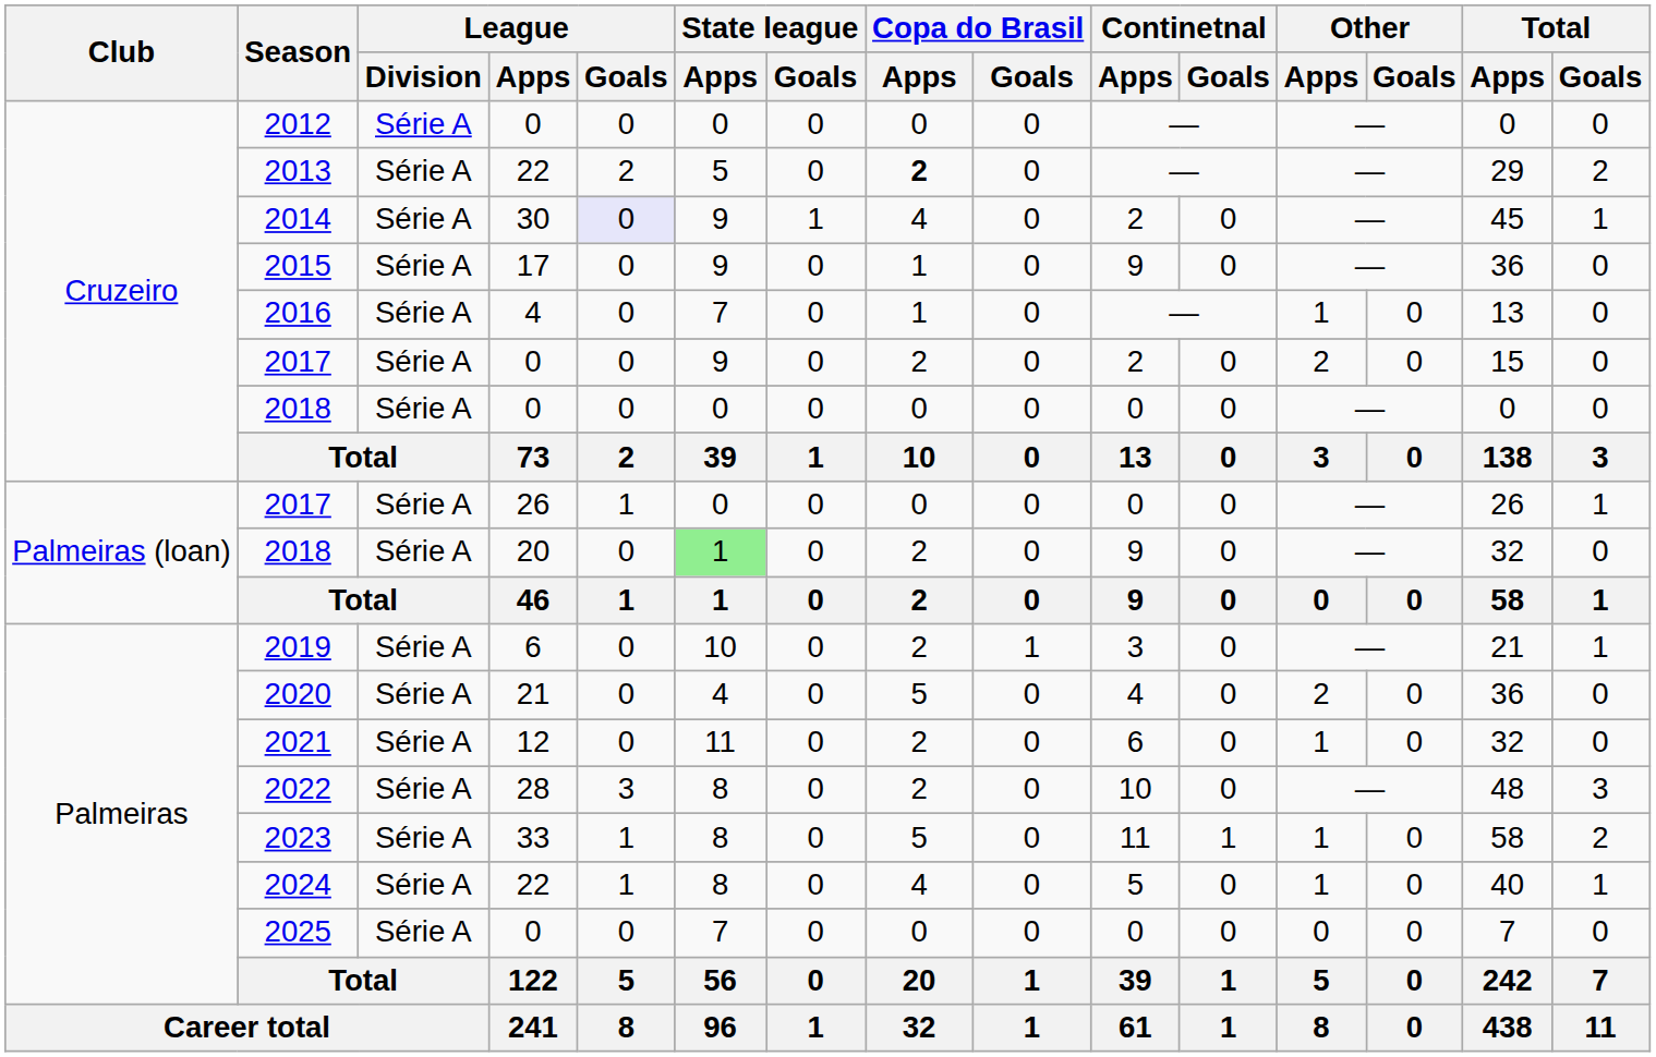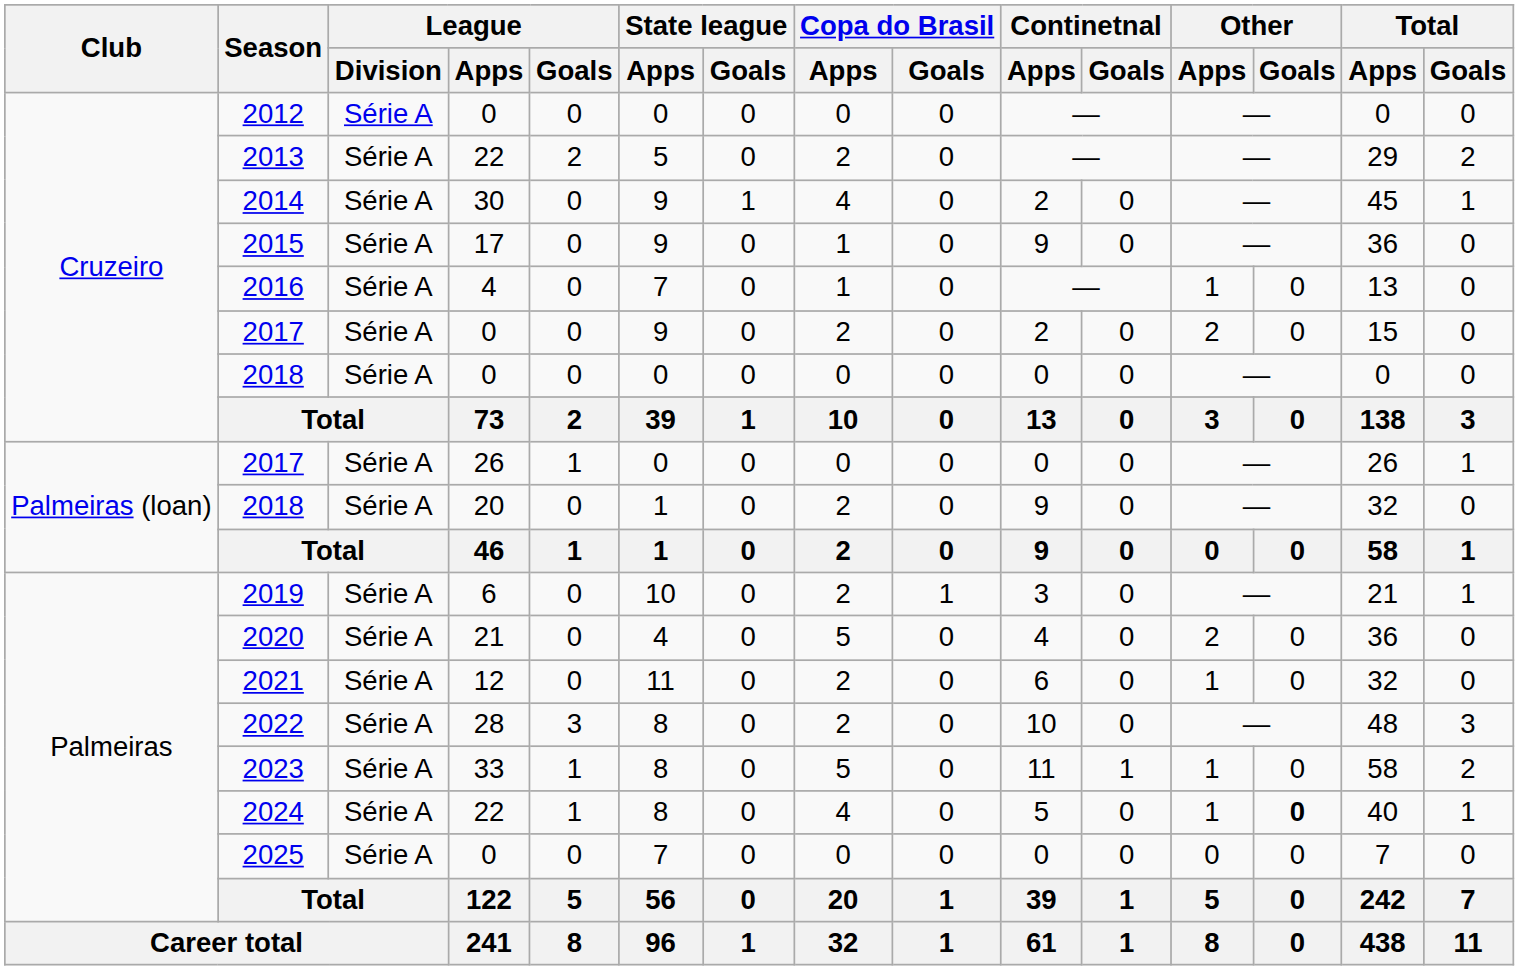 <table class="wikitable" style="text-align:center">
 <tr>
 <th rowspan="2">Club</th>
 <th rowspan="2">Season</th>
 <th colspan="3">League</th>
 <th colspan="2">State league</th>
 <th colspan="2"><a href='#'>Copa do Brasil</a></th>
 <th colspan="2">Continetnal</th>
 <th colspan="2">Other</th>
 <th colspan="2">Total</th>
 </tr>
 <tr>
 <th>Division</th>
 <th>Apps</th>
 <th>Goals</th>
 <th>Apps</th>
 <th>Goals</th>
 <th>Apps</th>
 <th>Goals</th>
 <th>Apps</th>
 <th>Goals</th>
 <th>Apps</th>
 <th>Goals</th>
 <th>Apps</th>
 <th>Goals</th>
 </tr>
 <tr>
 <td rowspan="8"><a href='#'>Cruzeiro</a></td>
 <td><a href='#'>2012</a></td>
 <td><a href='#'>Série A</a></td>
 <td>0</td>
 <td>0</td>
 <td>0</td>
 <td>0</td>
 <td>0</td>
 <td>0</td>
 <td colspan="2">—</td>
 <td colspan="2">—</td>
 <td>0</td>
 <td>0</td>
 </tr>
 <tr>
 <td><a href='#'>2013</a></td>
 <td>Série A</td>
 <td>22</td>
 <td>2</td>
 <td>5</td>
 <td>0</td>
-<td><strong>2</strong></td>
+<td>2</td>
 <td>0</td>
 <td colspan="2">—</td>
 <td colspan="2">—</td>
 <td>29</td>
 <td>2</td>
 </tr>
 <tr>
 <td><a href='#'>2014</a></td>
 <td>Série A</td>
 <td>30</td>
-<td style="background: lavender;">0</td>
+<td>0</td>
 <td>9</td>
 <td>1</td>
 <td>4</td>
 <td>0</td>
 <td>2</td>
 <td>0</td>
 <td colspan="2">—</td>
 <td>45</td>
 <td>1</td>
 </tr>
 <tr>
 <td><a href='#'>2015</a></td>
 <td>Série A</td>
 <td>17</td>
 <td>0</td>
 <td>9</td>
 <td>0</td>
 <td>1</td>
 <td>0</td>
 <td>9</td>
 <td>0</td>
 <td colspan="2">—</td>
 <td>36</td>
 <td>0</td>
 </tr>
 <tr>
 <td><a href='#'>2016</a></td>
 <td>Série A</td>
 <td>4</td>
 <td>0</td>
 <td>7</td>
 <td>0</td>
 <td>1</td>
 <td>0</td>
 <td colspan="2">—</td>
 <td>1</td>
 <td>0</td>
 <td>13</td>
 <td>0</td>
 </tr>
 <tr>
 <td><a href='#'>2017</a></td>
 <td>Série A</td>
 <td>0</td>
 <td>0</td>
 <td>9</td>
 <td>0</td>
 <td>2</td>
 <td>0</td>
 <td>2</td>
 <td>0</td>
 <td>2</td>
 <td>0</td>
 <td>15</td>
 <td>0</td>
 </tr>
 <tr>
 <td><a href='#'>2018</a></td>
 <td>Série A</td>
 <td>0</td>
 <td>0</td>
 <td>0</td>
 <td>0</td>
 <td>0</td>
 <td>0</td>
 <td>0</td>
 <td>0</td>
 <td colspan="2">—</td>
 <td>0</td>
 <td>0</td>
 </tr>
 <tr>
 <th colspan="2">Total</th>
 <th>73</th>
 <th>2</th>
 <th>39</th>
 <th>1</th>
 <th>10</th>
 <th>0</th>
 <th>13</th>
 <th>0</th>
 <th>3</th>
 <th>0</th>
 <th>138</th>
 <th>3</th>
 </tr>
 <tr>
 <td rowspan="3"><a href='#'>Palmeiras</a> (loan)</td>
 <td><a href='#'>2017</a></td>
 <td>Série A</td>
 <td>26</td>
 <td>1</td>
 <td>0</td>
 <td>0</td>
 <td>0</td>
 <td>0</td>
 <td>0</td>
 <td>0</td>
 <td colspan="2">—</td>
 <td>26</td>
 <td>1</td>
 </tr>
 <tr>
 <td><a href='#'>2018</a></td>
 <td>Série A</td>
 <td>20</td>
 <td>0</td>
-<td style="background: lightgreen;">1</td>
+<td>1</td>
 <td>0</td>
 <td>2</td>
 <td>0</td>
 <td>9</td>
 <td>0</td>
 <td colspan="2">—</td>
 <td>32</td>
 <td>0</td>
 </tr>
 <tr>
 <th colspan="2">Total</th>
 <th>46</th>
 <th>1</th>
 <th>1</th>
 <th>0</th>
 <th>2</th>
 <th>0</th>
 <th>9</th>
 <th>0</th>
 <th>0</th>
 <th>0</th>
 <th>58</th>
 <th>1</th>
 </tr>
 <tr>
 <td rowspan="8">Palmeiras</td>
 <td><a href='#'>2019</a></td>
 <td>Série A</td>
 <td>6</td>
 <td>0</td>
 <td>10</td>
 <td>0</td>
 <td>2</td>
 <td>1</td>
 <td>3</td>
 <td>0</td>
 <td colspan="2">—</td>
 <td>21</td>
 <td>1</td>
 </tr>
 <tr>
 <td><a href='#'>2020</a></td>
 <td>Série A</td>
 <td>21</td>
 <td>0</td>
 <td>4</td>
 <td>0</td>
 <td>5</td>
 <td>0</td>
 <td>4</td>
 <td>0</td>
 <td>2</td>
 <td>0</td>
 <td>36</td>
 <td>0</td>
 </tr>
 <tr>
 <td><a href='#'>2021</a></td>
 <td>Série A</td>
 <td>12</td>
 <td>0</td>
 <td>11</td>
 <td>0</td>
 <td>2</td>
 <td>0</td>
 <td>6</td>
 <td>0</td>
 <td>1</td>
 <td>0</td>
 <td>32</td>
 <td>0</td>
 </tr>
 <tr>
 <td><a href='#'>2022</a></td>
 <td>Série A</td>
 <td>28</td>
 <td>3</td>
 <td>8</td>
 <td>0</td>
 <td>2</td>
 <td>0</td>
 <td>10</td>
 <td>0</td>
 <td colspan="2">—</td>
 <td>48</td>
 <td>3</td>
 </tr>
 <tr>
 <td><a href='#'>2023</a></td>
 <td>Série A</td>
 <td>33</td>
 <td>1</td>
 <td>8</td>
 <td>0</td>
 <td>5</td>
 <td>0</td>
 <td>11</td>
 <td>1</td>
 <td>1</td>
 <td>0</td>
 <td>58</td>
 <td>2</td>
 </tr>
 <tr>
 <td><a href='#'>2024</a></td>
 <td>Série A</td>
 <td>22</td>
 <td>1</td>
 <td>8</td>
 <td>0</td>
 <td>4</td>
 <td>0</td>
 <td>5</td>
 <td>0</td>
 <td>1</td>
-<td>0</td>
+<td><strong>0</strong></td>
 <td>40</td>
 <td>1</td>
 </tr>
 <tr>
 <td><a href='#'>2025</a></td>
 <td>Série A</td>
 <td>0</td>
 <td>0</td>
 <td>7</td>
 <td>0</td>
 <td>0</td>
 <td>0</td>
 <td>0</td>
 <td>0</td>
 <td>0</td>
 <td>0</td>
 <td>7</td>
 <td>0</td>
 </tr>
 <tr>
 <th colspan="2">Total</th>
 <th>122</th>
 <th>5</th>
 <th>56</th>
 <th>0</th>
 <th>20</th>
 <th>1</th>
 <th>39</th>
 <th>1</th>
 <th>5</th>
 <th>0</th>
 <th>242</th>
 <th>7</th>
 </tr>
 <tr>
 <th colspan="3">Career total</th>
 <th>241</th>
 <th>8</th>
 <th>96</th>
 <th>1</th>
 <th>32</th>
 <th>1</th>
 <th>61</th>
 <th>1</th>
 <th>8</th>
 <th>0</th>
 <th>438</th>
 <th>11</th>
 </tr>
 </table>
